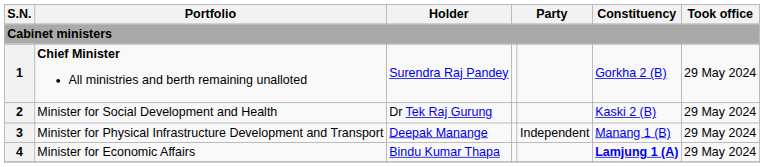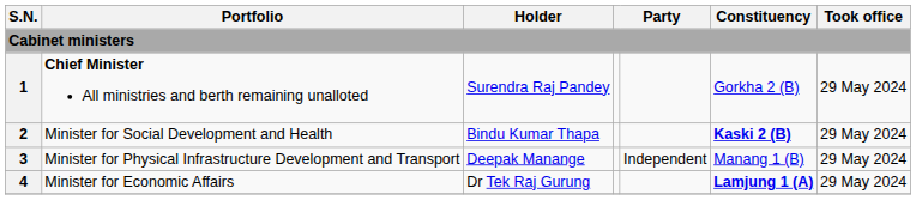 <table class="wikitable">
 <tr>
 <th>S.N.</th>
 <th>Portfolio</th>
 <th>Holder</th>
 <th colspan="2">Party</th>
 <th>Constituency</th>
 <th>Took office</th>
 </tr>
 <tr>
 <td colspan="7" bgcolor="darkgrey"><strong>Cabinet ministers</strong></td>
 </tr>
 <tr>
 <th>1</th>
 <td><strong>Chief Minister</strong><br><ul><li>All ministries and berth remaining unalloted</li></ul></td>
 <td><a href='#'>Surendra Raj Pandey</a></td>
 <td></td>
 <td></td>
 <td><a href='#'>Gorkha 2 (B)</a></td>
 <td>29 May 2024</td>
 </tr>
 <tr>
 <th>2</th>
 <td>Minister for Social Development and Health</td>
-<td>Dr <a href='#'>Tek Raj Gurung</a></td>
+<td><a href='#'>Bindu Kumar Thapa</a></td>
 <td></td>
 <td></td>
-<td><a href='#'>Kaski 2 (B)</a></td>
+<td><strong><a href='#'>Kaski 2 (B)</a></strong></td>
 <td>29 May 2024</td>
 </tr>
 <tr>
 <th>3</th>
 <td>Minister for Physical Infrastructure Development and Transport</td>
 <td><a href='#'>Deepak Manange</a></td>
 <td></td>
 <td>Independent</td>
 <td><a href='#'>Manang 1 (B)</a></td>
 <td>29 May 2024</td>
 </tr>
 <tr>
 <th>4</th>
 <td>Minister for Economic Affairs</td>
-<td><a href='#'>Bindu Kumar Thapa</a></td>
+<td>Dr <a href='#'>Tek Raj Gurung</a></td>
 <td></td>
 <td></td>
 <td><strong><a href='#'>Lamjung 1 (A)</a></strong></td>
 <td>29 May 2024</td>
 </tr>
 <tr>
 </tr>
 </table>
